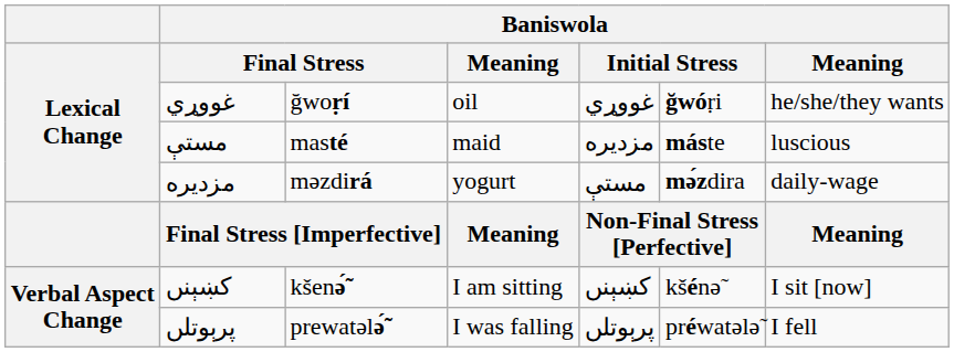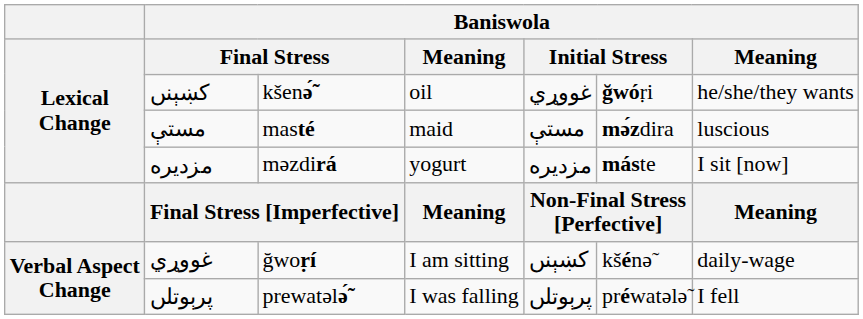 <table class="wikitable">
 <tr>
 <th></th>
 <th colspan="6">Baniswola</th>
 </tr>
 <tr>
 <th rowspan="4">Lexical<br>Change</th>
 <th colspan="2">Final Stress</th>
 <th>Meaning</th>
 <th colspan="2">Initial Stress</th>
 <th>Meaning</th>
 </tr>
 <tr>
-<td>غووړي</td>
-<td>ğwo<strong>ṛí</strong></td>
+<td>کښېنں</td>
+<td>kšen<strong>ə̃́</strong></td>
 <td>oil</td>
 <td>غووړي</td>
 <td><strong>ğwó</strong>ṛi</td>
 <td>he/she/they wants</td>
 </tr>
 <tr>
 <td>مستې</td>
 <td>mas<strong>té</strong></td>
 <td>maid</td>
-<td>مزديره</td>
-<td><strong>más</strong>te</td>
+<td>مستې</td>
+<td><strong>mə́z</strong>dira</td>
 <td>luscious</td>
 </tr>
 <tr>
 <td>مزديره</td>
 <td>məzdi<strong>rá</strong></td>
 <td>yogurt</td>
-<td>مستې</td>
-<td><strong>mə́z</strong>dira</td>
-<td>daily-wage</td>
+<td>مزديره</td>
+<td><strong>más</strong>te</td>
+<td>I sit [now]</td>
 </tr>
 <tr>
 <th></th>
 <th colspan="2">Final Stress [Imperfective]</th>
 <th>Meaning</th>
 <th colspan="2">Non-Final Stress<br>[Perfective]</th>
 <th>Meaning</th>
 </tr>
 <tr>
 <th rowspan="2">Verbal Aspect<br>Change</th>
-<td>کښېنں</td>
-<td>kšen<strong>ə̃́</strong></td>
+<td>غووړي</td>
+<td>ğwo<strong>ṛí</strong></td>
 <td>I am sitting</td>
 <td>کښېنں</td>
 <td>kš<strong>é</strong>nə̃</td>
-<td>I sit [now]</td>
+<td>daily-wage</td>
 </tr>
 <tr>
 <td>پرېوتلں</td>
 <td>prewatəl<strong>ə̃́</strong></td>
 <td>I was falling</td>
 <td>پرېوتلں</td>
 <td>pr<strong>é</strong>watələ̃</td>
 <td>I fell</td>
 </tr>
 </table>
